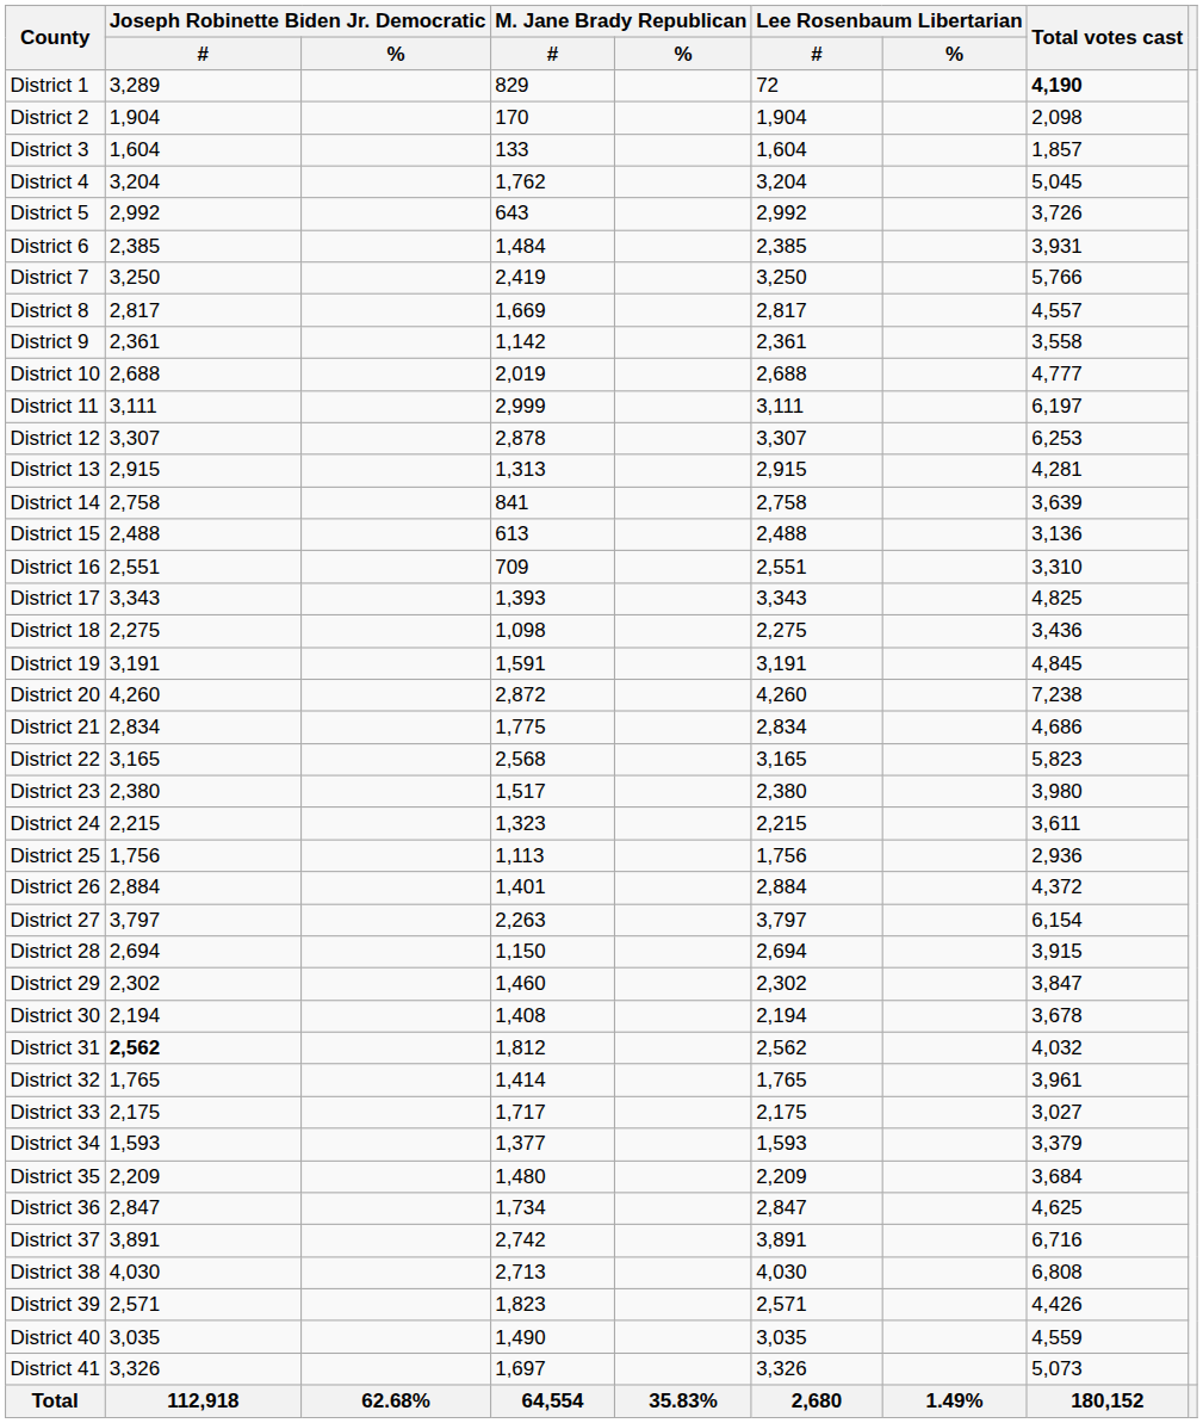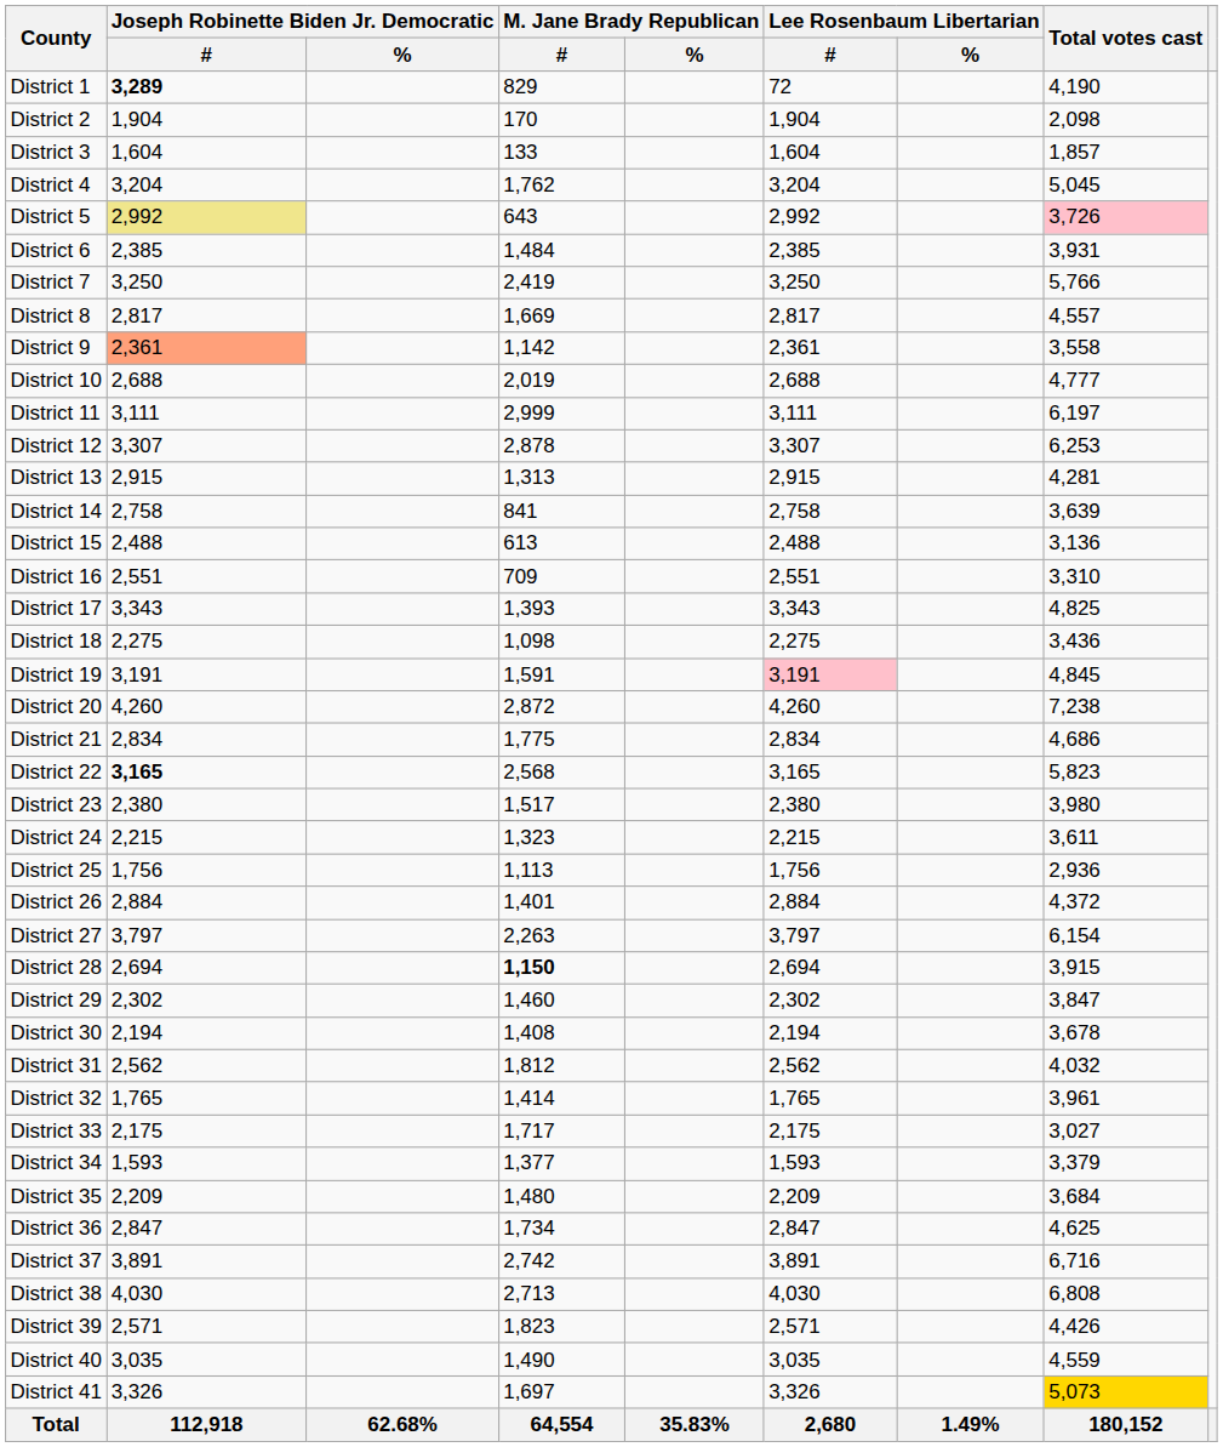 <table class="wikitable sortable">
 <tr>
 <th rowspan="2" scope="col">County</th>
 <th colspan="2" scope="col" style="text-align:center;"><strong>Joseph Robinette Biden Jr.</strong> Democratic</th>
 <th colspan="2" scope="col" style="text-align:center;"><strong>M. Jane Brady</strong> Republican</th>
 <th colspan="2">Lee Rosenbaum Libertarian</th>
 <th rowspan="2" scope="col">Total votes cast</th>
 <th rowspan="2" class="unsortable" scope="col"></th>
 </tr>
 <tr>
 <th data-sort-type="number" style="text-align:center;">#</th>
 <th data-sort-type="number" style="text-align:center;">%</th>
 <th data-sort-type="number" style="text-align:center;">#</th>
 <th data-sort-type="number" style="text-align:center;">%</th>
 <th data-sort-type="number" style="text-align:center;">#</th>
 <th data-sort-type="number" style="text-align:center;">%</th>
 </tr>
 <tr>
 <td>District 1</td>
-<td>3,289</td>
+<td><strong>3,289</strong></td>
 <td></td>
 <td>829</td>
 <td></td>
 <td>72</td>
 <td></td>
-<td><strong>4,190</strong></td>
+<td>4,190</td>
 <td rowspan="41"></td>
 </tr>
 <tr>
 <td>District 2</td>
 <td>1,904</td>
 <td></td>
 <td>170</td>
 <td></td>
 <td>1,904</td>
 <td></td>
 <td>2,098</td>
 </tr>
 <tr>
 <td>District 3</td>
 <td>1,604</td>
 <td></td>
 <td>133</td>
 <td></td>
 <td>1,604</td>
 <td></td>
 <td>1,857</td>
 </tr>
 <tr>
 <td>District 4</td>
 <td>3,204</td>
 <td></td>
 <td>1,762</td>
 <td></td>
 <td>3,204</td>
 <td></td>
 <td>5,045</td>
 </tr>
 <tr>
 <td>District 5</td>
-<td>2,992</td>
+<td style="background: khaki;">2,992</td>
 <td></td>
 <td>643</td>
 <td></td>
 <td>2,992</td>
 <td></td>
-<td>3,726</td>
+<td style="background: pink;">3,726</td>
 </tr>
 <tr>
 <td>District 6</td>
 <td>2,385</td>
 <td></td>
 <td>1,484</td>
 <td></td>
 <td>2,385</td>
 <td></td>
 <td>3,931</td>
 </tr>
 <tr>
 <td>District 7</td>
 <td>3,250</td>
 <td></td>
 <td>2,419</td>
 <td></td>
 <td>3,250</td>
 <td></td>
 <td>5,766</td>
 </tr>
 <tr>
 <td>District 8</td>
 <td>2,817</td>
 <td></td>
 <td>1,669</td>
 <td></td>
 <td>2,817</td>
 <td></td>
 <td>4,557</td>
 </tr>
 <tr>
 <td>District 9</td>
-<td>2,361</td>
+<td style="background: lightsalmon;">2,361</td>
 <td></td>
 <td>1,142</td>
 <td></td>
 <td>2,361</td>
 <td></td>
 <td>3,558</td>
 </tr>
 <tr>
 <td>District 10</td>
 <td>2,688</td>
 <td></td>
 <td>2,019</td>
 <td></td>
 <td>2,688</td>
 <td></td>
 <td>4,777</td>
 </tr>
 <tr>
 <td>District 11</td>
 <td>3,111</td>
 <td></td>
 <td>2,999</td>
 <td></td>
 <td>3,111</td>
 <td></td>
 <td>6,197</td>
 </tr>
 <tr>
 <td>District 12</td>
 <td>3,307</td>
 <td></td>
 <td>2,878</td>
 <td></td>
 <td>3,307</td>
 <td></td>
 <td>6,253</td>
 </tr>
 <tr>
 <td>District 13</td>
 <td>2,915</td>
 <td></td>
 <td>1,313</td>
 <td></td>
 <td>2,915</td>
 <td></td>
 <td>4,281</td>
 </tr>
 <tr>
 <td>District 14</td>
 <td>2,758</td>
 <td></td>
 <td>841</td>
 <td></td>
 <td>2,758</td>
 <td></td>
 <td>3,639</td>
 </tr>
 <tr>
 <td>District 15</td>
 <td>2,488</td>
 <td></td>
 <td>613</td>
 <td></td>
 <td>2,488</td>
 <td></td>
 <td>3,136</td>
 </tr>
 <tr>
 <td>District 16</td>
 <td>2,551</td>
 <td></td>
 <td>709</td>
 <td></td>
 <td>2,551</td>
 <td></td>
 <td>3,310</td>
 </tr>
 <tr>
 <td>District 17</td>
 <td>3,343</td>
 <td></td>
 <td>1,393</td>
 <td></td>
 <td>3,343</td>
 <td></td>
 <td>4,825</td>
 </tr>
 <tr>
 <td>District 18</td>
 <td>2,275</td>
 <td></td>
 <td>1,098</td>
 <td></td>
 <td>2,275</td>
 <td></td>
 <td>3,436</td>
 </tr>
 <tr>
 <td>District 19</td>
 <td>3,191</td>
 <td></td>
 <td>1,591</td>
 <td></td>
-<td>3,191</td>
+<td style="background: pink;">3,191</td>
 <td></td>
 <td>4,845</td>
 </tr>
 <tr>
 <td>District 20</td>
 <td>4,260</td>
 <td></td>
 <td>2,872</td>
 <td></td>
 <td>4,260</td>
 <td></td>
 <td>7,238</td>
 </tr>
 <tr>
 <td>District 21</td>
 <td>2,834</td>
 <td></td>
 <td>1,775</td>
 <td></td>
 <td>2,834</td>
 <td></td>
 <td>4,686</td>
 </tr>
 <tr>
 <td>District 22</td>
-<td>3,165</td>
+<td><strong>3,165</strong></td>
 <td></td>
 <td>2,568</td>
 <td></td>
 <td>3,165</td>
 <td></td>
 <td>5,823</td>
 </tr>
 <tr>
 <td>District 23</td>
 <td>2,380</td>
 <td></td>
 <td>1,517</td>
 <td></td>
 <td>2,380</td>
 <td></td>
 <td>3,980</td>
 </tr>
 <tr>
 <td>District 24</td>
 <td>2,215</td>
 <td></td>
 <td>1,323</td>
 <td></td>
 <td>2,215</td>
 <td></td>
 <td>3,611</td>
 </tr>
 <tr>
 <td>District 25</td>
 <td>1,756</td>
 <td></td>
 <td>1,113</td>
 <td></td>
 <td>1,756</td>
 <td></td>
 <td>2,936</td>
 </tr>
 <tr>
 <td>District 26</td>
 <td>2,884</td>
 <td></td>
 <td>1,401</td>
 <td></td>
 <td>2,884</td>
 <td></td>
 <td>4,372</td>
 </tr>
 <tr>
 <td>District 27</td>
 <td>3,797</td>
 <td></td>
 <td>2,263</td>
 <td></td>
 <td>3,797</td>
 <td></td>
 <td>6,154</td>
 </tr>
 <tr>
 <td>District 28</td>
 <td>2,694</td>
 <td></td>
-<td>1,150</td>
+<td><strong>1,150</strong></td>
 <td></td>
 <td>2,694</td>
 <td></td>
 <td>3,915</td>
 </tr>
 <tr>
 <td>District 29</td>
 <td>2,302</td>
 <td></td>
 <td>1,460</td>
 <td></td>
 <td>2,302</td>
 <td></td>
 <td>3,847</td>
 </tr>
 <tr>
 <td>District 30</td>
 <td>2,194</td>
 <td></td>
 <td>1,408</td>
 <td></td>
 <td>2,194</td>
 <td></td>
 <td>3,678</td>
 </tr>
 <tr>
 <td>District 31</td>
-<td><strong>2,562</strong></td>
+<td>2,562</td>
 <td></td>
 <td>1,812</td>
 <td></td>
 <td>2,562</td>
 <td></td>
 <td>4,032</td>
 </tr>
 <tr>
 <td>District 32</td>
 <td>1,765</td>
 <td></td>
 <td>1,414</td>
 <td></td>
 <td>1,765</td>
 <td></td>
 <td>3,961</td>
 </tr>
 <tr>
 <td>District 33</td>
 <td>2,175</td>
 <td></td>
 <td>1,717</td>
 <td></td>
 <td>2,175</td>
 <td></td>
 <td>3,027</td>
 </tr>
 <tr>
 <td>District 34</td>
 <td>1,593</td>
 <td></td>
 <td>1,377</td>
 <td></td>
 <td>1,593</td>
 <td></td>
 <td>3,379</td>
 </tr>
 <tr>
 <td>District 35</td>
 <td>2,209</td>
 <td></td>
 <td>1,480</td>
 <td></td>
 <td>2,209</td>
 <td></td>
 <td>3,684</td>
 </tr>
 <tr>
 <td>District 36</td>
 <td>2,847</td>
 <td></td>
 <td>1,734</td>
 <td></td>
 <td>2,847</td>
 <td></td>
 <td>4,625</td>
 </tr>
 <tr>
 <td>District 37</td>
 <td>3,891</td>
 <td></td>
 <td>2,742</td>
 <td></td>
 <td>3,891</td>
 <td></td>
 <td>6,716</td>
 </tr>
 <tr>
 <td>District 38</td>
 <td>4,030</td>
 <td></td>
 <td>2,713</td>
 <td></td>
 <td>4,030</td>
 <td></td>
 <td>6,808</td>
 </tr>
 <tr>
 <td>District 39</td>
 <td>2,571</td>
 <td></td>
 <td>1,823</td>
 <td></td>
 <td>2,571</td>
 <td></td>
 <td>4,426</td>
 </tr>
 <tr>
 <td>District 40</td>
 <td>3,035</td>
 <td></td>
 <td>1,490</td>
 <td></td>
 <td>3,035</td>
 <td></td>
 <td>4,559</td>
 </tr>
 <tr>
 <td>District 41</td>
 <td>3,326</td>
 <td></td>
 <td>1,697</td>
 <td></td>
 <td>3,326</td>
 <td></td>
-<td>5,073</td>
+<td style="background: gold;">5,073</td>
 </tr>
 <tr>
 <th scope=row>Total</th>
 <th>112,918</th>
 <th>62.68%</th>
 <th>64,554</th>
 <th>35.83%</th>
 <th>2,680</th>
 <th>1.49%</th>
 <th>180,152</th>
 <th></th>
 </tr>
 </table>
